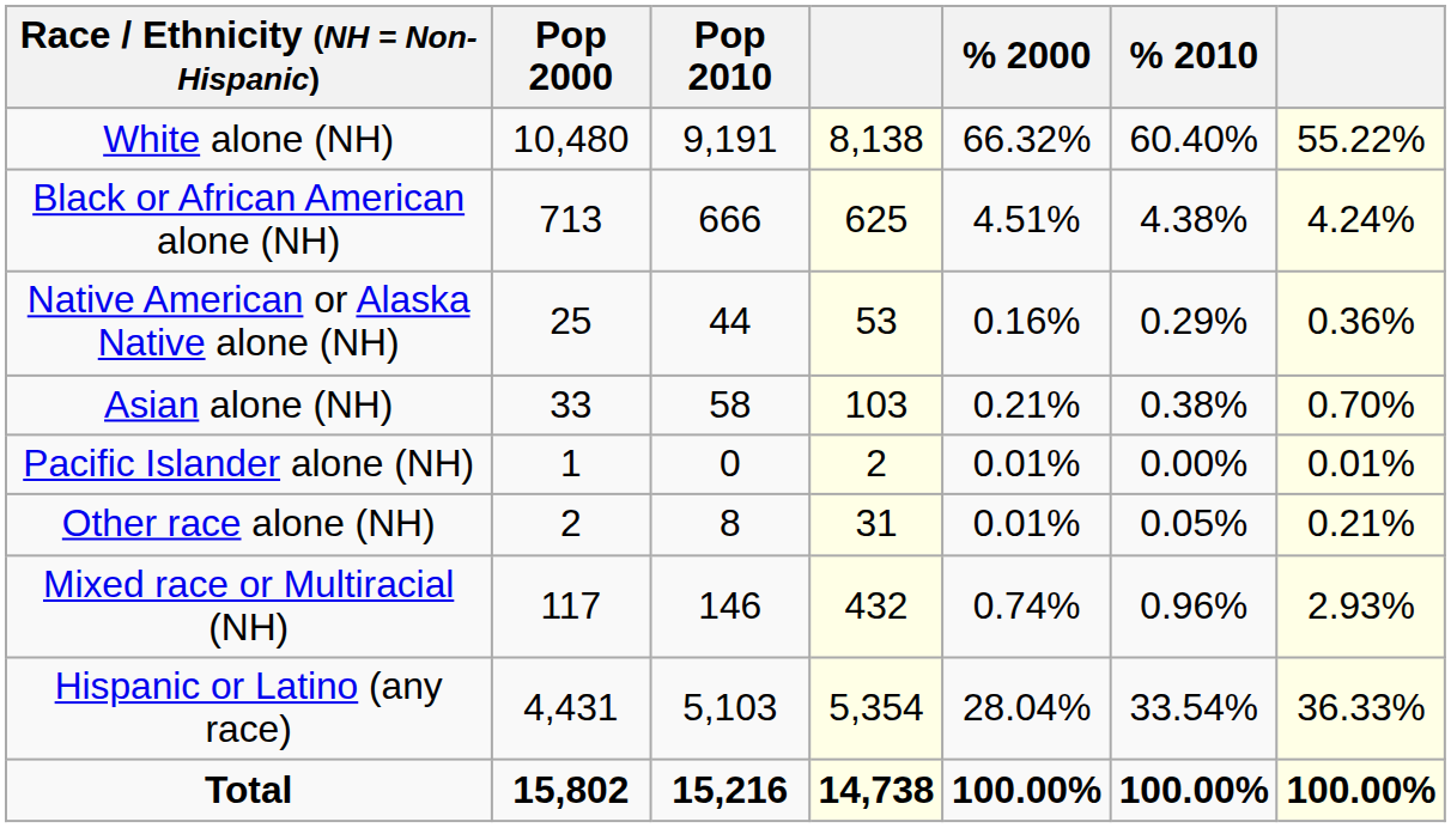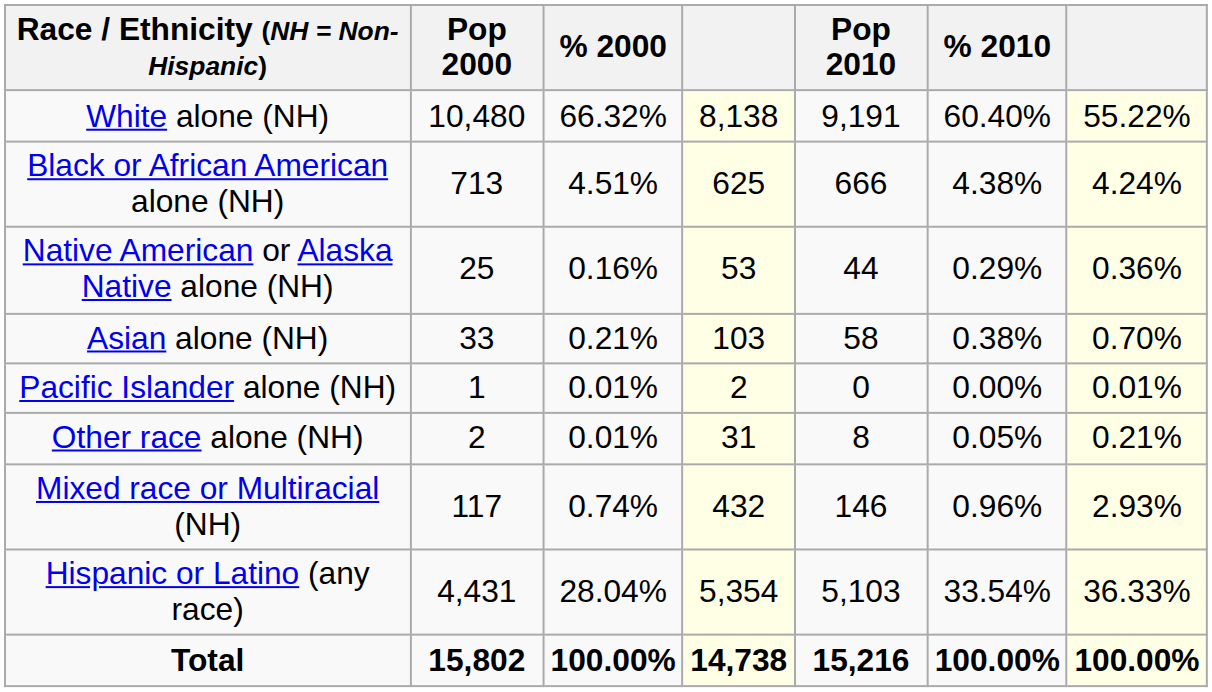 <table class="wikitable" style="text-align:center;">
 <tr>
 <th>Race / Ethnicity <small>(<em>NH = Non-Hispanic</em>)</small></th>
 <th>Pop 2000</th>
+<th>% 2000</th>
+<th></th>
 <th>Pop 2010</th>
-<th></th>
-<th>% 2000</th>
 <th>% 2010</th>
 <th></th>
 </tr>
 <tr>
 <td><a href='#'>White</a> alone (NH)</td>
 <td>10,480</td>
+<td>66.32%</td>
+<td style='background: #ffffe6;'>8,138</td>
 <td>9,191</td>
-<td style='background: #ffffe6;'>8,138</td>
-<td>66.32%</td>
 <td>60.40%</td>
 <td style='background: #ffffe6;'>55.22%</td>
 </tr>
 <tr>
 <td><a href='#'>Black or African American</a> alone (NH)</td>
 <td>713</td>
+<td>4.51%</td>
+<td style='background: #ffffe6;'>625</td>
 <td>666</td>
-<td style='background: #ffffe6;'>625</td>
-<td>4.51%</td>
 <td>4.38%</td>
 <td style='background: #ffffe6;'>4.24%</td>
 </tr>
 <tr>
 <td><a href='#'>Native American</a> or <a href='#'>Alaska Native</a> alone (NH)</td>
 <td>25</td>
+<td>0.16%</td>
+<td style='background: #ffffe6;'>53</td>
 <td>44</td>
-<td style='background: #ffffe6;'>53</td>
-<td>0.16%</td>
 <td>0.29%</td>
 <td style='background: #ffffe6;'>0.36%</td>
 </tr>
 <tr>
 <td><a href='#'>Asian</a> alone (NH)</td>
 <td>33</td>
+<td>0.21%</td>
+<td style='background: #ffffe6;'>103</td>
 <td>58</td>
-<td style='background: #ffffe6;'>103</td>
-<td>0.21%</td>
 <td>0.38%</td>
 <td style='background: #ffffe6;'>0.70%</td>
 </tr>
 <tr>
 <td><a href='#'>Pacific Islander</a> alone (NH)</td>
 <td>1</td>
+<td>0.01%</td>
+<td style='background: #ffffe6;'>2</td>
 <td>0</td>
-<td style='background: #ffffe6;'>2</td>
-<td>0.01%</td>
 <td>0.00%</td>
 <td style='background: #ffffe6;'>0.01%</td>
 </tr>
 <tr>
 <td><a href='#'>Other race</a> alone (NH)</td>
 <td>2</td>
+<td>0.01%</td>
+<td style='background: #ffffe6;'>31</td>
 <td>8</td>
-<td style='background: #ffffe6;'>31</td>
-<td>0.01%</td>
 <td>0.05%</td>
 <td style='background: #ffffe6;'>0.21%</td>
 </tr>
 <tr>
 <td><a href='#'>Mixed race or Multiracial</a> (NH)</td>
 <td>117</td>
+<td>0.74%</td>
+<td style='background: #ffffe6;'>432</td>
 <td>146</td>
-<td style='background: #ffffe6;'>432</td>
-<td>0.74%</td>
 <td>0.96%</td>
 <td style='background: #ffffe6;'>2.93%</td>
 </tr>
 <tr>
 <td><a href='#'>Hispanic or Latino</a> (any race)</td>
 <td>4,431</td>
+<td>28.04%</td>
+<td style='background: #ffffe6;'>5,354</td>
 <td>5,103</td>
-<td style='background: #ffffe6;'>5,354</td>
-<td>28.04%</td>
 <td>33.54%</td>
 <td style='background: #ffffe6;'>36.33%</td>
 </tr>
 <tr>
 <td><strong>Total</strong></td>
 <td><strong>15,802</strong></td>
+<td><strong>100.00%</strong></td>
+<td style='background: #ffffe6;'><strong>14,738</strong></td>
 <td><strong>15,216</strong></td>
-<td style='background: #ffffe6;'><strong>14,738</strong></td>
-<td><strong>100.00%</strong></td>
 <td><strong>100.00%</strong></td>
 <td style='background: #ffffe6;'><strong>100.00%</strong></td>
 </tr>
 </table>
